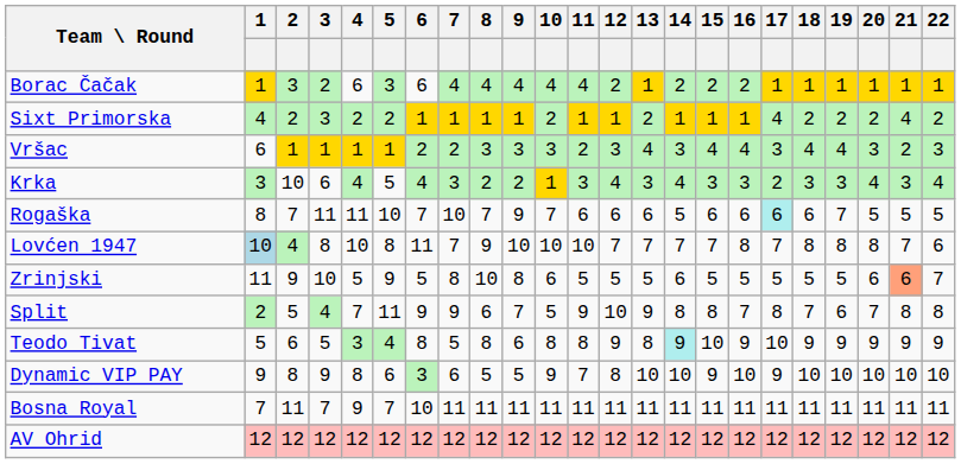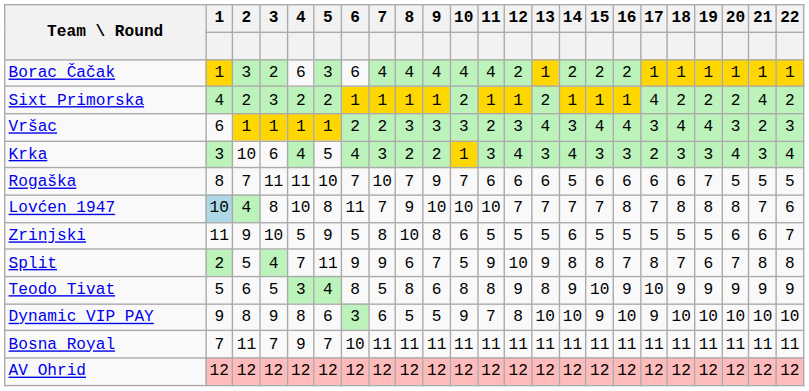 <table class="wikitable sortable" style="font-size:90%; text-align:center; white-space: nowrap;">
 <tr>
 <th rowspan="2" style="width:140px;">Team \ Round</th>
 <th>1</th>
 <th>2</th>
 <th>3</th>
 <th>4</th>
 <th>5</th>
 <th>6</th>
 <th>7</th>
 <th>8</th>
 <th>9</th>
 <th>10</th>
 <th>11</th>
 <th>12</th>
 <th>13</th>
 <th>14</th>
 <th>15</th>
 <th>16</th>
 <th>17</th>
 <th>18</th>
 <th>19</th>
 <th>20</th>
 <th>21</th>
 <th>22</th>
 </tr>
 <tr style="text-align:center; height:20px;">
 <th scope=row></th>
 <th></th>
 <th></th>
 <th></th>
 <th></th>
 <th></th>
 <th></th>
 <th></th>
 <th></th>
 <th></th>
 <th></th>
 <th></th>
 <th></th>
 <th></th>
 <th></th>
 <th></th>
 <th></th>
 <th></th>
 <th></th>
 <th></th>
 <th></th>
 <th></th>
 </tr>
 <tr>
 <td align=left> <a href='#'>Borac Čačak</a></td>
 <td bgcolor=gold>1</td>
 <td bgcolor=#BBF3BB>3</td>
 <td bgcolor=#BBF3BB>2</td>
 <td>6</td>
 <td bgcolor=#BBF3BB>3</td>
 <td>6</td>
 <td bgcolor=#BBF3BB>4</td>
 <td bgcolor=#BBF3BB>4</td>
 <td bgcolor=#BBF3BB>4</td>
 <td bgcolor=#BBF3BB>4</td>
 <td bgcolor=#BBF3BB>4</td>
 <td bgcolor=#BBF3BB>2</td>
 <td bgcolor=gold>1</td>
 <td bgcolor=#BBF3BB>2</td>
 <td bgcolor=#BBF3BB>2</td>
 <td bgcolor=#BBF3BB>2</td>
 <td bgcolor=gold>1</td>
 <td bgcolor=gold>1</td>
 <td bgcolor=gold>1</td>
 <td bgcolor=gold>1</td>
 <td bgcolor=gold>1</td>
 <td bgcolor=gold>1</td>
 </tr>
 <tr>
 <td align=left> <a href='#'>Sixt Primorska</a></td>
 <td bgcolor=#BBF3BB>4</td>
 <td bgcolor=#BBF3BB>2</td>
 <td bgcolor=#BBF3BB>3</td>
 <td bgcolor=#BBF3BB>2</td>
 <td bgcolor=#BBF3BB>2</td>
 <td bgcolor=gold>1</td>
 <td bgcolor=gold>1</td>
 <td bgcolor=gold>1</td>
 <td bgcolor=gold>1</td>
 <td bgcolor=#BBF3BB>2</td>
 <td bgcolor=gold>1</td>
 <td bgcolor=gold>1</td>
 <td bgcolor=#BBF3BB>2</td>
 <td bgcolor=gold>1</td>
 <td bgcolor=gold>1</td>
 <td bgcolor=gold>1</td>
 <td bgcolor=#BBF3BB>4</td>
 <td bgcolor=#BBF3BB>2</td>
 <td bgcolor=#BBF3BB>2</td>
 <td bgcolor=#BBF3BB>2</td>
 <td bgcolor=#BBF3BB>4</td>
 <td bgcolor=#BBF3BB>2</td>
 </tr>
 <tr>
 <td align=left> <a href='#'>Vršac</a></td>
 <td>6</td>
 <td bgcolor=gold>1</td>
 <td bgcolor=gold>1</td>
 <td bgcolor=gold>1</td>
 <td bgcolor=gold>1</td>
 <td bgcolor=#BBF3BB>2</td>
 <td bgcolor=#BBF3BB>2</td>
 <td bgcolor=#BBF3BB>3</td>
 <td bgcolor=#BBF3BB>3</td>
 <td bgcolor=#BBF3BB>3</td>
 <td bgcolor=#BBF3BB>2</td>
 <td bgcolor=#BBF3BB>3</td>
 <td bgcolor=#BBF3BB>4</td>
 <td bgcolor=#BBF3BB>3</td>
 <td bgcolor=#BBF3BB>4</td>
 <td bgcolor=#BBF3BB>4</td>
 <td bgcolor=#BBF3BB>3</td>
 <td bgcolor=#BBF3BB>4</td>
 <td bgcolor=#BBF3BB>4</td>
 <td bgcolor=#BBF3BB>3</td>
 <td bgcolor=#BBF3BB>2</td>
 <td bgcolor=#BBF3BB>3</td>
 </tr>
 <tr>
 <td align=left> <a href='#'>Krka</a></td>
 <td bgcolor=#BBF3BB>3</td>
 <td>10</td>
 <td>6</td>
 <td bgcolor=#BBF3BB>4</td>
 <td>5</td>
 <td bgcolor=#BBF3BB>4</td>
 <td bgcolor=#BBF3BB>3</td>
 <td bgcolor=#BBF3BB>2</td>
 <td bgcolor=#BBF3BB>2</td>
 <td bgcolor=gold>1</td>
 <td bgcolor=#BBF3BB>3</td>
 <td bgcolor=#BBF3BB>4</td>
 <td bgcolor=#BBF3BB>3</td>
 <td bgcolor=#BBF3BB>4</td>
 <td bgcolor=#BBF3BB>3</td>
 <td bgcolor=#BBF3BB>3</td>
 <td bgcolor=#BBF3BB>2</td>
 <td bgcolor=#BBF3BB>3</td>
 <td bgcolor=#BBF3BB>3</td>
 <td bgcolor=#BBF3BB>4</td>
 <td bgcolor=#BBF3BB>3</td>
 <td bgcolor=#BBF3BB>4</td>
 </tr>
 <tr>
 <td align=left> <a href='#'>Rogaška</a></td>
 <td>8</td>
 <td>7</td>
 <td>11</td>
 <td>11</td>
 <td>10</td>
 <td>7</td>
 <td>10</td>
 <td>7</td>
 <td>9</td>
 <td>7</td>
 <td>6</td>
 <td>6</td>
 <td>6</td>
 <td>5</td>
 <td>6</td>
 <td>6</td>
-<td style="background: paleturquoise;">6</td>
+<td>6</td>
 <td>6</td>
 <td>7</td>
 <td>5</td>
 <td>5</td>
 <td>5</td>
 </tr>
 <tr>
 <td align=left> <a href='#'>Lovćen 1947</a></td>
 <td style="background: lightblue;">10</td>
 <td bgcolor=#BBF3BB>4</td>
 <td>8</td>
 <td>10</td>
 <td>8</td>
 <td>11</td>
 <td>7</td>
 <td>9</td>
 <td>10</td>
 <td>10</td>
 <td>10</td>
 <td>7</td>
 <td>7</td>
 <td>7</td>
 <td>7</td>
 <td>8</td>
 <td>7</td>
 <td>8</td>
 <td>8</td>
 <td>8</td>
 <td>7</td>
 <td>6</td>
 </tr>
 <tr>
 <td align=left> <a href='#'>Zrinjski</a></td>
 <td>11</td>
 <td>9</td>
 <td>10</td>
 <td>5</td>
 <td>9</td>
 <td>5</td>
 <td>8</td>
 <td>10</td>
 <td>8</td>
 <td>6</td>
 <td>5</td>
 <td>5</td>
 <td>5</td>
 <td>6</td>
 <td>5</td>
 <td>5</td>
 <td>5</td>
 <td>5</td>
 <td>5</td>
 <td>6</td>
-<td style="background: lightsalmon;">6</td>
+<td>6</td>
 <td>7</td>
 </tr>
 <tr>
 <td align=left> <a href='#'>Split</a></td>
 <td bgcolor=#BBF3BB>2</td>
 <td>5</td>
 <td bgcolor=#BBF3BB>4</td>
 <td>7</td>
 <td>11</td>
 <td>9</td>
 <td>9</td>
 <td>6</td>
 <td>7</td>
 <td>5</td>
 <td>9</td>
 <td>10</td>
 <td>9</td>
 <td>8</td>
 <td>8</td>
 <td>7</td>
 <td>8</td>
 <td>7</td>
 <td>6</td>
 <td>7</td>
 <td>8</td>
 <td>8</td>
 </tr>
 <tr>
 <td align=left> <a href='#'>Teodo Tivat</a></td>
 <td>5</td>
 <td>6</td>
 <td>5</td>
 <td bgcolor=#BBF3BB>3</td>
 <td bgcolor=#BBF3BB>4</td>
 <td>8</td>
 <td>5</td>
 <td>8</td>
 <td>6</td>
 <td>8</td>
 <td>8</td>
 <td>9</td>
 <td>8</td>
-<td style="background: paleturquoise;">9</td>
+<td>9</td>
 <td>10</td>
 <td>9</td>
 <td>10</td>
 <td>9</td>
 <td>9</td>
 <td>9</td>
 <td>9</td>
 <td>9</td>
 </tr>
 <tr>
 <td align=left> <a href='#'>Dynamic VIP PAY</a></td>
 <td>9</td>
 <td>8</td>
 <td>9</td>
 <td>8</td>
 <td>6</td>
 <td bgcolor=#BBF3BB>3</td>
 <td>6</td>
 <td>5</td>
 <td>5</td>
 <td>9</td>
 <td>7</td>
 <td>8</td>
 <td>10</td>
 <td>10</td>
 <td>9</td>
 <td>10</td>
 <td>9</td>
 <td>10</td>
 <td>10</td>
 <td>10</td>
 <td>10</td>
 <td>10</td>
 </tr>
 <tr>
 <td align=left> <a href='#'>Bosna Royal</a></td>
 <td>7</td>
 <td>11</td>
 <td>7</td>
 <td>9</td>
 <td>7</td>
 <td>10</td>
 <td>11</td>
 <td>11</td>
 <td>11</td>
 <td>11</td>
 <td>11</td>
 <td>11</td>
 <td>11</td>
 <td>11</td>
 <td>11</td>
 <td>11</td>
 <td>11</td>
 <td>11</td>
 <td>11</td>
 <td>11</td>
 <td>11</td>
 <td>11</td>
 </tr>
 <tr>
 <td align=left> <a href='#'>AV Ohrid</a></td>
 <td bgcolor=#FFBBBB>12</td>
 <td bgcolor=#FFBBBB>12</td>
 <td bgcolor=#FFBBBB>12</td>
 <td bgcolor=#FFBBBB>12</td>
 <td bgcolor=#FFBBBB>12</td>
 <td bgcolor=#FFBBBB>12</td>
 <td bgcolor=#FFBBBB>12</td>
 <td bgcolor=#FFBBBB>12</td>
 <td bgcolor=#FFBBBB>12</td>
 <td bgcolor=#FFBBBB>12</td>
 <td bgcolor=#FFBBBB>12</td>
 <td bgcolor=#FFBBBB>12</td>
 <td bgcolor=#FFBBBB>12</td>
 <td bgcolor=#FFBBBB>12</td>
 <td bgcolor=#FFBBBB>12</td>
 <td bgcolor=#FFBBBB>12</td>
 <td bgcolor=#FFBBBB>12</td>
 <td bgcolor=#FFBBBB>12</td>
 <td bgcolor=#FFBBBB>12</td>
 <td bgcolor=#FFBBBB>12</td>
 <td bgcolor=#FFBBBB>12</td>
 <td bgcolor=#FFBBBB>12</td>
 </tr>
 </table>
